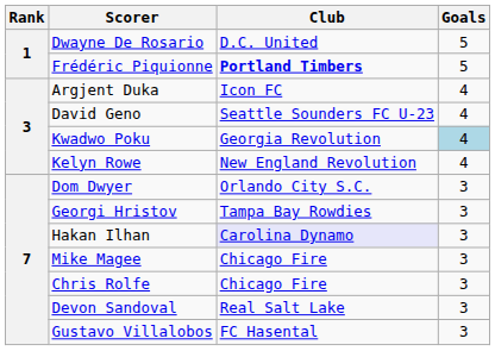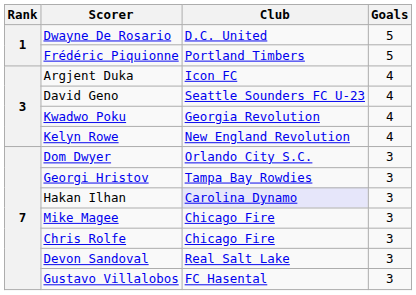 <table class="wikitable" style="text-align:center">
 <tr>
 <th>Rank</th>
 <th>Scorer</th>
 <th>Club</th>
 <th>Goals</th>
 </tr>
 <tr>
 <th rowspan="2">1</th>
 <td align=left> <a href='#'>Dwayne De Rosario</a></td>
 <td align=left><a href='#'>D.C. United</a></td>
 <td>5</td>
 </tr>
 <tr>
 <td align=left> <a href='#'>Frédéric Piquionne</a></td>
-<td align=left><strong><a href='#'>Portland Timbers</a></strong></td>
+<td align=left><a href='#'>Portland Timbers</a></td>
 <td>5</td>
 </tr>
 <tr>
 <th rowspan="4">3</th>
 <td align=left> Argjent Duka</td>
 <td align=left><a href='#'>Icon FC</a></td>
 <td>4</td>
 </tr>
 <tr>
 <td align=left> David Geno</td>
 <td align=left><a href='#'>Seattle Sounders FC U-23</a></td>
 <td>4</td>
 </tr>
 <tr>
 <td align=left> <a href='#'>Kwadwo Poku</a></td>
 <td align=left><a href='#'>Georgia Revolution</a></td>
-<td style="background: lightblue;">4</td>
+<td>4</td>
 </tr>
 <tr>
 <td align=left> <a href='#'>Kelyn Rowe</a></td>
 <td align=left><a href='#'>New England Revolution</a></td>
 <td>4</td>
 </tr>
 <tr>
 <th rowspan="7">7</th>
 <td align=left> <a href='#'>Dom Dwyer</a></td>
 <td align=left><a href='#'>Orlando City S.C.</a></td>
 <td>3</td>
 </tr>
 <tr>
 <td align=left> <a href='#'>Georgi Hristov</a></td>
 <td align=left><a href='#'>Tampa Bay Rowdies</a></td>
 <td>3</td>
 </tr>
 <tr>
 <td align=left> Hakan Ilhan</td>
 <td align=left style="background: lavender;"><a href='#'>Carolina Dynamo</a></td>
 <td>3</td>
 </tr>
 <tr>
 <td align=left> <a href='#'>Mike Magee</a></td>
 <td align=left><a href='#'>Chicago Fire</a></td>
 <td>3</td>
 </tr>
 <tr>
 <td align=left> <a href='#'>Chris Rolfe</a></td>
 <td align=left><a href='#'>Chicago Fire</a></td>
 <td>3</td>
 </tr>
 <tr>
 <td align=left> <a href='#'>Devon Sandoval</a></td>
 <td align=left><a href='#'>Real Salt Lake</a></td>
 <td>3</td>
 </tr>
 <tr>
 <td align=left> <a href='#'>Gustavo Villalobos</a></td>
 <td align=left><a href='#'>FC Hasental</a></td>
 <td>3</td>
 </tr>
 </table>
